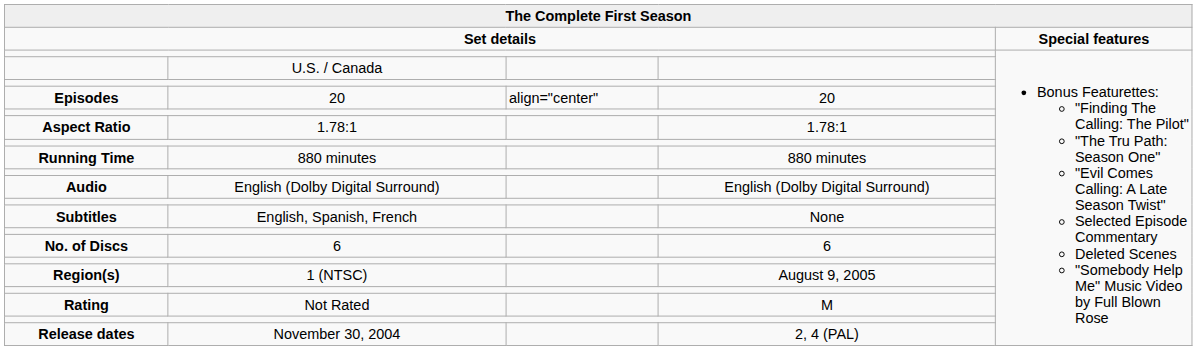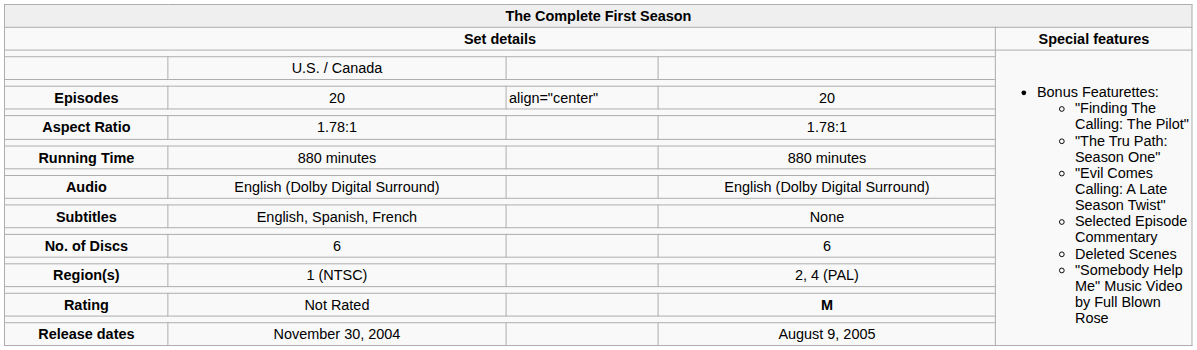 <table class="wikitable" width="99%" style="font-size: 95%;">
 <tr style="background:#EFEFEF">
 <td colspan="7" align="center"><strong>The Complete First Season</strong></td>
 </tr>
 <tr>
 <td align="center" width="300" colspan="4"><strong>Set details</strong></td>
 <td width="200" align="center"><strong>Special features</strong></td>
 </tr>
 <tr valign="top">
 <td colspan="4" align="left" width="200"></td>
 <td rowspan="20" align="left" width="200"><br><ul><li>Bonus Featurettes:<ul><li>"Finding The Calling: The Pilot"</li><li>"The Tru Path: Season One"</li><li>"Evil Comes Calling: A Late Season Twist"</li><li>Selected Episode Commentary</li><li>Deleted Scenes</li><li>"Somebody Help Me" Music Video by Full Blown Rose</li></ul></li></ul></td>
 </tr>
 <tr>
 <td align="center"></td>
 <td align="center">  U.S. / Canada</td>
 <td align="center"></td>
 <td align="center"></td>
 </tr>
 <tr>
 <td colspan="4" align="center"></td>
 </tr>
 <tr>
 <td align="center"><strong>Episodes</strong></td>
 <td align="center">20</td>
 <td>align="center" </td>
 <td align="center">20</td>
 </tr>
 <tr>
 <td colspan="4" align="center"></td>
 </tr>
 <tr>
 <td align="center"><strong>Aspect Ratio</strong></td>
 <td align="center">1.78:1</td>
 <td align="center"></td>
 <td align="center">1.78:1</td>
 </tr>
 <tr>
 <td colspan="4" align="center"></td>
 </tr>
 <tr>
 <td align="center"><strong>Running Time</strong></td>
 <td align="center">880 minutes</td>
 <td align="center"></td>
 <td align="center">880 minutes</td>
 </tr>
 <tr>
 <td colspan="4" align="center"></td>
 </tr>
 <tr>
 <td align="center"><strong>Audio</strong></td>
 <td align="center">English (Dolby Digital Surround)</td>
 <td align="center"></td>
 <td align="center">English (Dolby Digital Surround)</td>
 </tr>
 <tr>
 <td colspan="4" align="center"></td>
 </tr>
 <tr>
 <td align="center"><strong>Subtitles</strong></td>
 <td align="center">English, Spanish, French</td>
 <td align="center"></td>
 <td align="center">None</td>
 </tr>
 <tr>
 <td colspan="4" align="center"></td>
 </tr>
 <tr>
 <td align="center"><strong>No. of Discs</strong></td>
 <td align="center">6</td>
 <td align="center"></td>
 <td align="center">6</td>
 </tr>
 <tr>
 <td colspan="4" align="center"></td>
 </tr>
 <tr>
 <td align="center"><strong>Region(s)</strong></td>
 <td align="center">1 (NTSC)</td>
 <td align="center"></td>
-<td align="center">August 9, 2005</td>
+<td align="center">2, 4 (PAL)</td>
 </tr>
 <tr>
 <td colspan="4" align="center"></td>
 </tr>
 <tr>
 <td align="center"><strong>Rating</strong></td>
 <td align="center">Not Rated</td>
 <td align="center"></td>
-<td align="center">M</td>
+<td align="center"><strong>M</strong></td>
 </tr>
 <tr>
 <td colspan="4" align="center"></td>
 </tr>
 <tr>
 <td align="center"><strong>Release dates</strong></td>
 <td align="center">November 30, 2004</td>
 <td align="center"></td>
-<td align="center">2, 4 (PAL)</td>
+<td align="center">August 9, 2005</td>
 </tr>
 </table>
